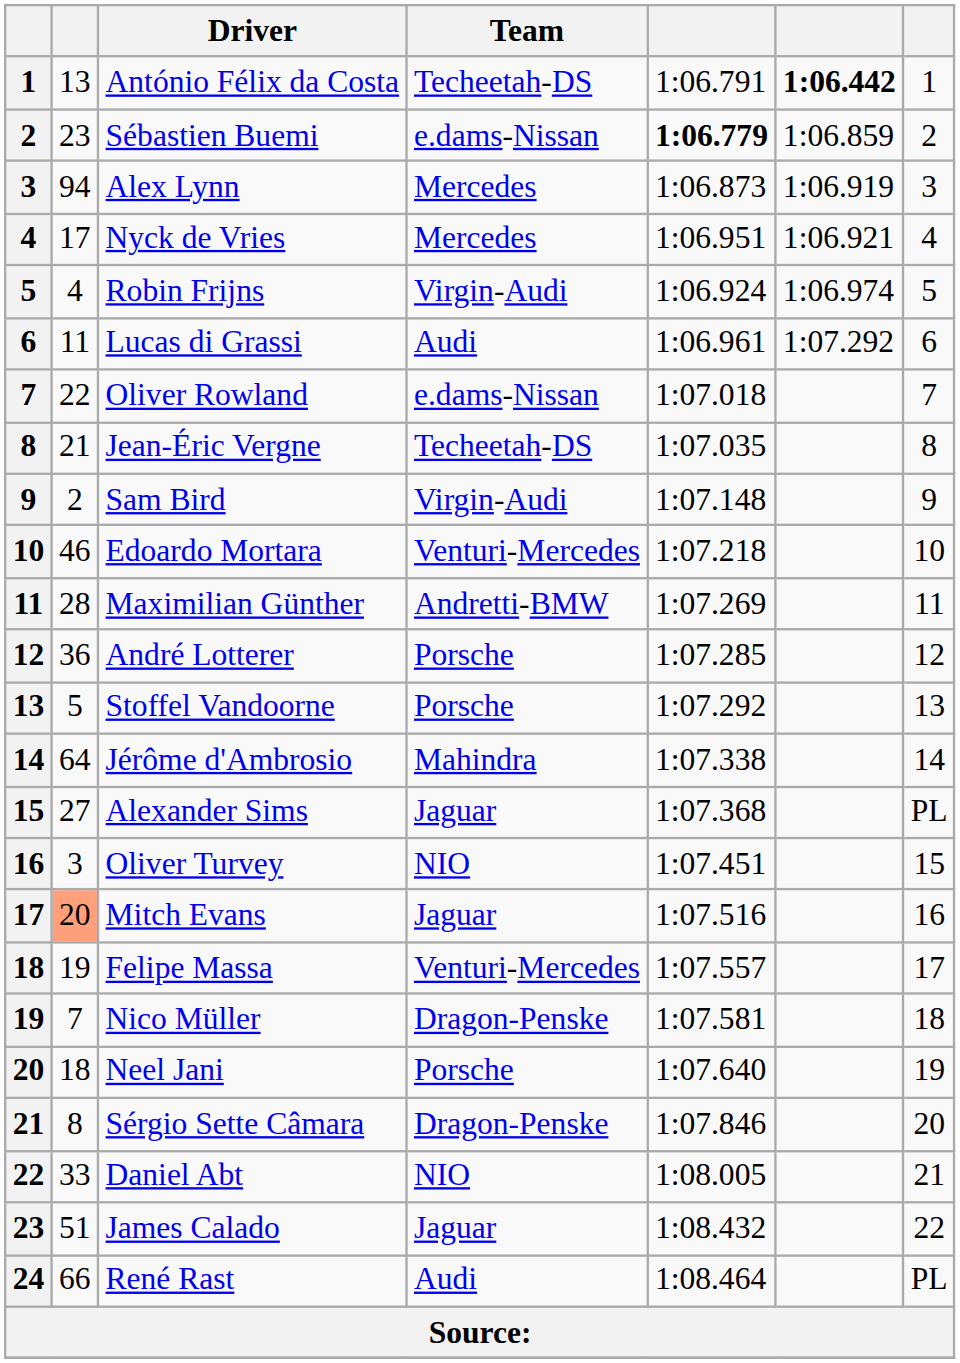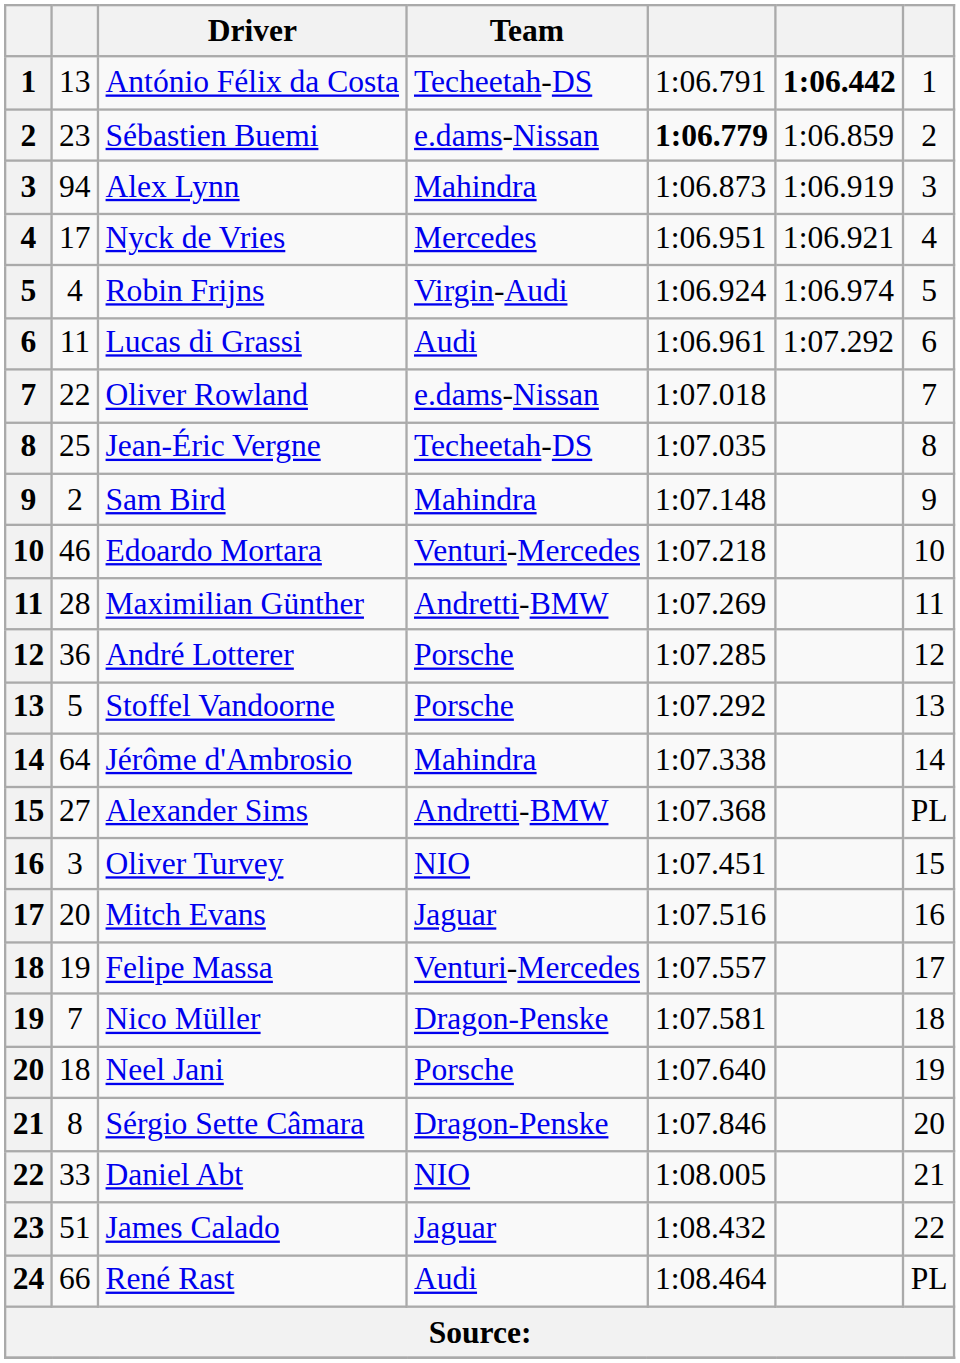 <table class="wikitable sortable" style="font-size: 85%">
 <tr>
 <th scope="col"></th>
 <th scope="col"></th>
 <th scope="col">Driver</th>
 <th scope="col">Team</th>
 <th scope="col"></th>
 <th scope="col"></th>
 <th scope="col"></th>
 </tr>
 <tr>
 <th scope="row">1</th>
 <td align="center">13</td>
 <td> <a href='#'>António Félix da Costa</a></td>
 <td><a href='#'>Techeetah</a>-<a href='#'>DS</a></td>
 <td>1:06.791</td>
 <td><strong>1:06.442</strong></td>
 <td align="center">1</td>
 </tr>
 <tr>
 <th scope="row">2</th>
 <td align=center>23</td>
 <td> <a href='#'>Sébastien Buemi</a></td>
 <td><a href='#'>e.dams</a>-<a href='#'>Nissan</a></td>
 <td><strong>1:06.779</strong></td>
 <td>1:06.859</td>
 <td align="center">2</td>
 </tr>
 <tr>
 <th scope="row">3</th>
 <td align=center>94</td>
 <td> <a href='#'>Alex Lynn</a></td>
-<td><a href='#'>Mercedes</a></td>
+<td><a href='#'>Mahindra</a></td>
 <td>1:06.873</td>
 <td>1:06.919</td>
 <td align="center">3</td>
 </tr>
 <tr>
 <th scope="row">4</th>
 <td align=center>17</td>
 <td> <a href='#'>Nyck de Vries</a></td>
 <td><a href='#'>Mercedes</a></td>
 <td>1:06.951</td>
 <td>1:06.921</td>
 <td align="center">4</td>
 </tr>
 <tr>
 <th scope="row">5</th>
 <td align=center>4</td>
 <td> <a href='#'>Robin Frijns</a></td>
 <td><a href='#'>Virgin</a>-<a href='#'>Audi</a></td>
 <td>1:06.924</td>
 <td>1:06.974</td>
 <td align="center">5</td>
 </tr>
 <tr>
 <th scope="row">6</th>
 <td align=center>11</td>
 <td> <a href='#'>Lucas di Grassi</a></td>
 <td><a href='#'>Audi</a></td>
 <td>1:06.961</td>
 <td>1:07.292</td>
 <td align="center">6</td>
 </tr>
 <tr>
 <th scope="row">7</th>
 <td align=center>22</td>
 <td> <a href='#'>Oliver Rowland</a></td>
 <td><a href='#'>e.dams</a>-<a href='#'>Nissan</a></td>
 <td>1:07.018</td>
 <td></td>
 <td align="center">7</td>
 </tr>
 <tr>
 <th scope="row">8</th>
-<td align=center>21</td>
+<td align=center>25</td>
 <td> <a href='#'>Jean-Éric Vergne</a></td>
 <td><a href='#'>Techeetah</a>-<a href='#'>DS</a></td>
 <td>1:07.035</td>
 <td></td>
 <td align="center">8</td>
 </tr>
 <tr>
 <th scope="row">9</th>
 <td align=center>2</td>
 <td> <a href='#'>Sam Bird</a></td>
-<td><a href='#'>Virgin</a>-<a href='#'>Audi</a></td>
+<td><a href='#'>Mahindra</a></td>
 <td>1:07.148</td>
 <td></td>
 <td align="center">9</td>
 </tr>
 <tr>
 <th scope="row">10</th>
 <td align=center>46</td>
 <td> <a href='#'>Edoardo Mortara</a></td>
 <td><a href='#'>Venturi</a>-<a href='#'>Mercedes</a></td>
 <td>1:07.218</td>
 <td></td>
 <td align="center">10</td>
 </tr>
 <tr>
 <th scope="row">11</th>
 <td align=center>28</td>
 <td> <a href='#'>Maximilian Günther</a></td>
 <td><a href='#'>Andretti</a>-<a href='#'>BMW</a></td>
 <td>1:07.269</td>
 <td></td>
 <td align="center">11</td>
 </tr>
 <tr>
 <th scope="row">12</th>
 <td align=center>36</td>
 <td> <a href='#'>André Lotterer</a></td>
 <td><a href='#'>Porsche</a></td>
 <td>1:07.285</td>
 <td></td>
 <td align="center">12</td>
 </tr>
 <tr>
 <th scope="row">13</th>
 <td align=center>5</td>
 <td> <a href='#'>Stoffel Vandoorne</a></td>
 <td><a href='#'>Porsche</a></td>
 <td>1:07.292</td>
 <td></td>
 <td align="center">13</td>
 </tr>
 <tr>
 <th scope="row">14</th>
 <td align=center>64</td>
 <td> <a href='#'>Jérôme d'Ambrosio</a></td>
 <td><a href='#'>Mahindra</a></td>
 <td>1:07.338</td>
 <td></td>
 <td align="center">14</td>
 </tr>
 <tr>
 <th scope="row">15</th>
 <td align=center>27</td>
 <td> <a href='#'>Alexander Sims</a></td>
-<td><a href='#'>Jaguar</a></td>
+<td><a href='#'>Andretti</a>-<a href='#'>BMW</a></td>
 <td>1:07.368</td>
 <td></td>
 <td align="center">PL</td>
 </tr>
 <tr>
 <th scope="row">16</th>
 <td align=center>3</td>
 <td> <a href='#'>Oliver Turvey</a></td>
 <td><a href='#'>NIO</a></td>
 <td>1:07.451</td>
 <td></td>
 <td align="center">15</td>
 </tr>
 <tr>
 <th scope="row">17</th>
-<td align=center style="background: lightsalmon;">20</td>
+<td align=center>20</td>
 <td> <a href='#'>Mitch Evans</a></td>
 <td><a href='#'>Jaguar</a></td>
 <td>1:07.516</td>
 <td></td>
 <td align="center">16</td>
 </tr>
 <tr>
 <th scope="row">18</th>
 <td align=center>19</td>
 <td> <a href='#'>Felipe Massa</a></td>
 <td><a href='#'>Venturi</a>-<a href='#'>Mercedes</a></td>
 <td>1:07.557</td>
 <td></td>
 <td align="center">17</td>
 </tr>
 <tr>
 <th scope="row">19</th>
 <td align=center>7</td>
 <td> <a href='#'>Nico Müller</a></td>
 <td><a href='#'>Dragon-Penske</a></td>
 <td>1:07.581</td>
 <td></td>
 <td align="center">18</td>
 </tr>
 <tr>
 <th scope="row">20</th>
 <td align=center>18</td>
 <td> <a href='#'>Neel Jani</a></td>
 <td><a href='#'>Porsche</a></td>
 <td>1:07.640</td>
 <td></td>
 <td align="center">19</td>
 </tr>
 <tr>
 <th scope="row">21</th>
 <td align=center>8</td>
 <td> <a href='#'>Sérgio Sette Câmara</a></td>
 <td><a href='#'>Dragon-Penske</a></td>
 <td>1:07.846</td>
 <td></td>
 <td align="center">20</td>
 </tr>
 <tr>
 <th scope="row">22</th>
 <td align="center">33</td>
 <td> <a href='#'>Daniel Abt</a></td>
 <td><a href='#'>NIO</a></td>
 <td>1:08.005</td>
 <td></td>
 <td align="center">21</td>
 </tr>
 <tr>
 <th scope="row">23</th>
 <td align=center>51</td>
 <td> <a href='#'>James Calado</a></td>
 <td><a href='#'>Jaguar</a></td>
 <td>1:08.432</td>
 <td></td>
 <td align="center">22</td>
 </tr>
 <tr>
 <th scope="row">24</th>
 <td align="center">66</td>
 <td> <a href='#'>René Rast</a></td>
 <td><a href='#'>Audi</a></td>
 <td>1:08.464</td>
 <td></td>
 <td align="center">PL</td>
 </tr>
 <tr>
 <th colspan="7">Source:</th>
 </tr>
 <tr>
 </tr>
 </table>
